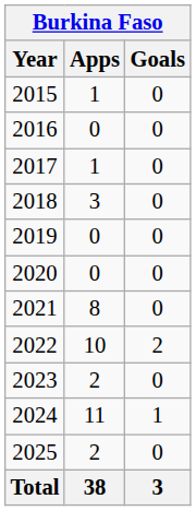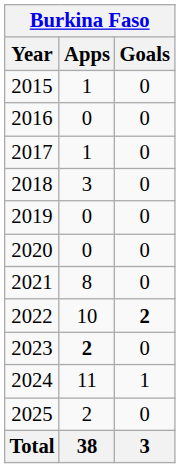 <table class=wikitable style=text-align:center>
 <tr>
 <th colspan=11><a href='#'>Burkina Faso</a></th>
 </tr>
 <tr>
 <th>Year</th>
 <th>Apps</th>
 <th>Goals</th>
 </tr>
 <tr>
 <td>2015</td>
 <td>1</td>
 <td>0</td>
 </tr>
 <tr>
 <td>2016</td>
 <td>0</td>
 <td>0</td>
 </tr>
 <tr>
 <td>2017</td>
 <td>1</td>
 <td>0</td>
 </tr>
 <tr>
 <td>2018</td>
 <td>3</td>
 <td>0</td>
 </tr>
 <tr>
 <td>2019</td>
 <td>0</td>
 <td>0</td>
 </tr>
 <tr>
 <td>2020</td>
 <td>0</td>
 <td>0</td>
 </tr>
 <tr>
 <td>2021</td>
 <td>8</td>
 <td>0</td>
 </tr>
 <tr>
 <td>2022</td>
 <td>10</td>
-<td>2</td>
+<td><strong>2</strong></td>
 </tr>
 <tr>
 <td>2023</td>
-<td>2</td>
+<td><strong>2</strong></td>
 <td>0</td>
 </tr>
 <tr>
 <td>2024</td>
 <td>11</td>
 <td>1</td>
 </tr>
 <tr>
 <td>2025</td>
 <td>2</td>
 <td>0</td>
 </tr>
 <tr>
 <th colspan=1>Total</th>
 <th>38</th>
 <th>3</th>
 </tr>
 </table>
